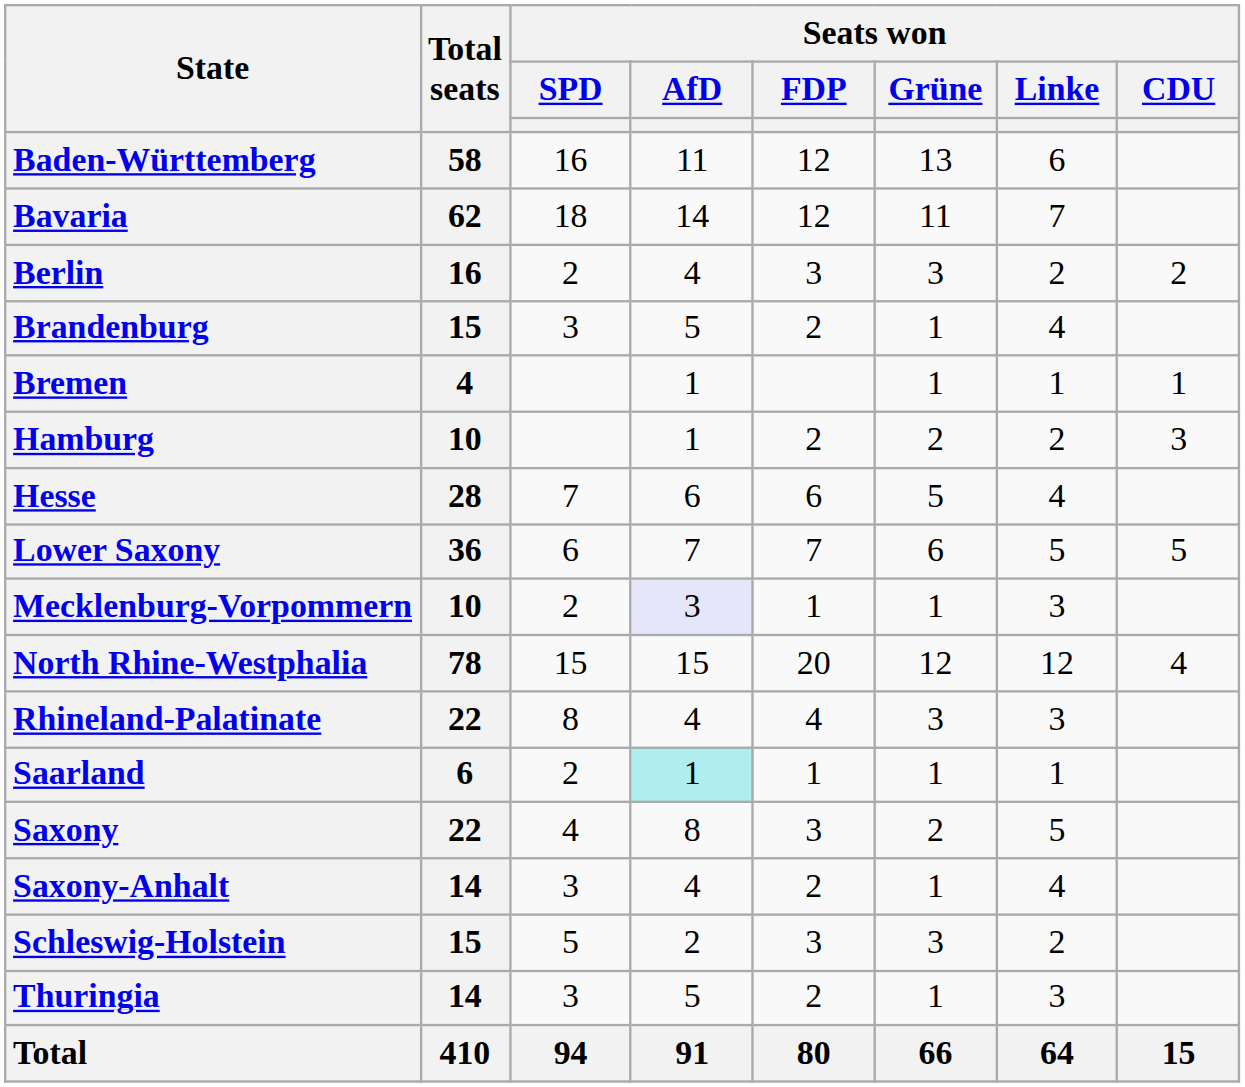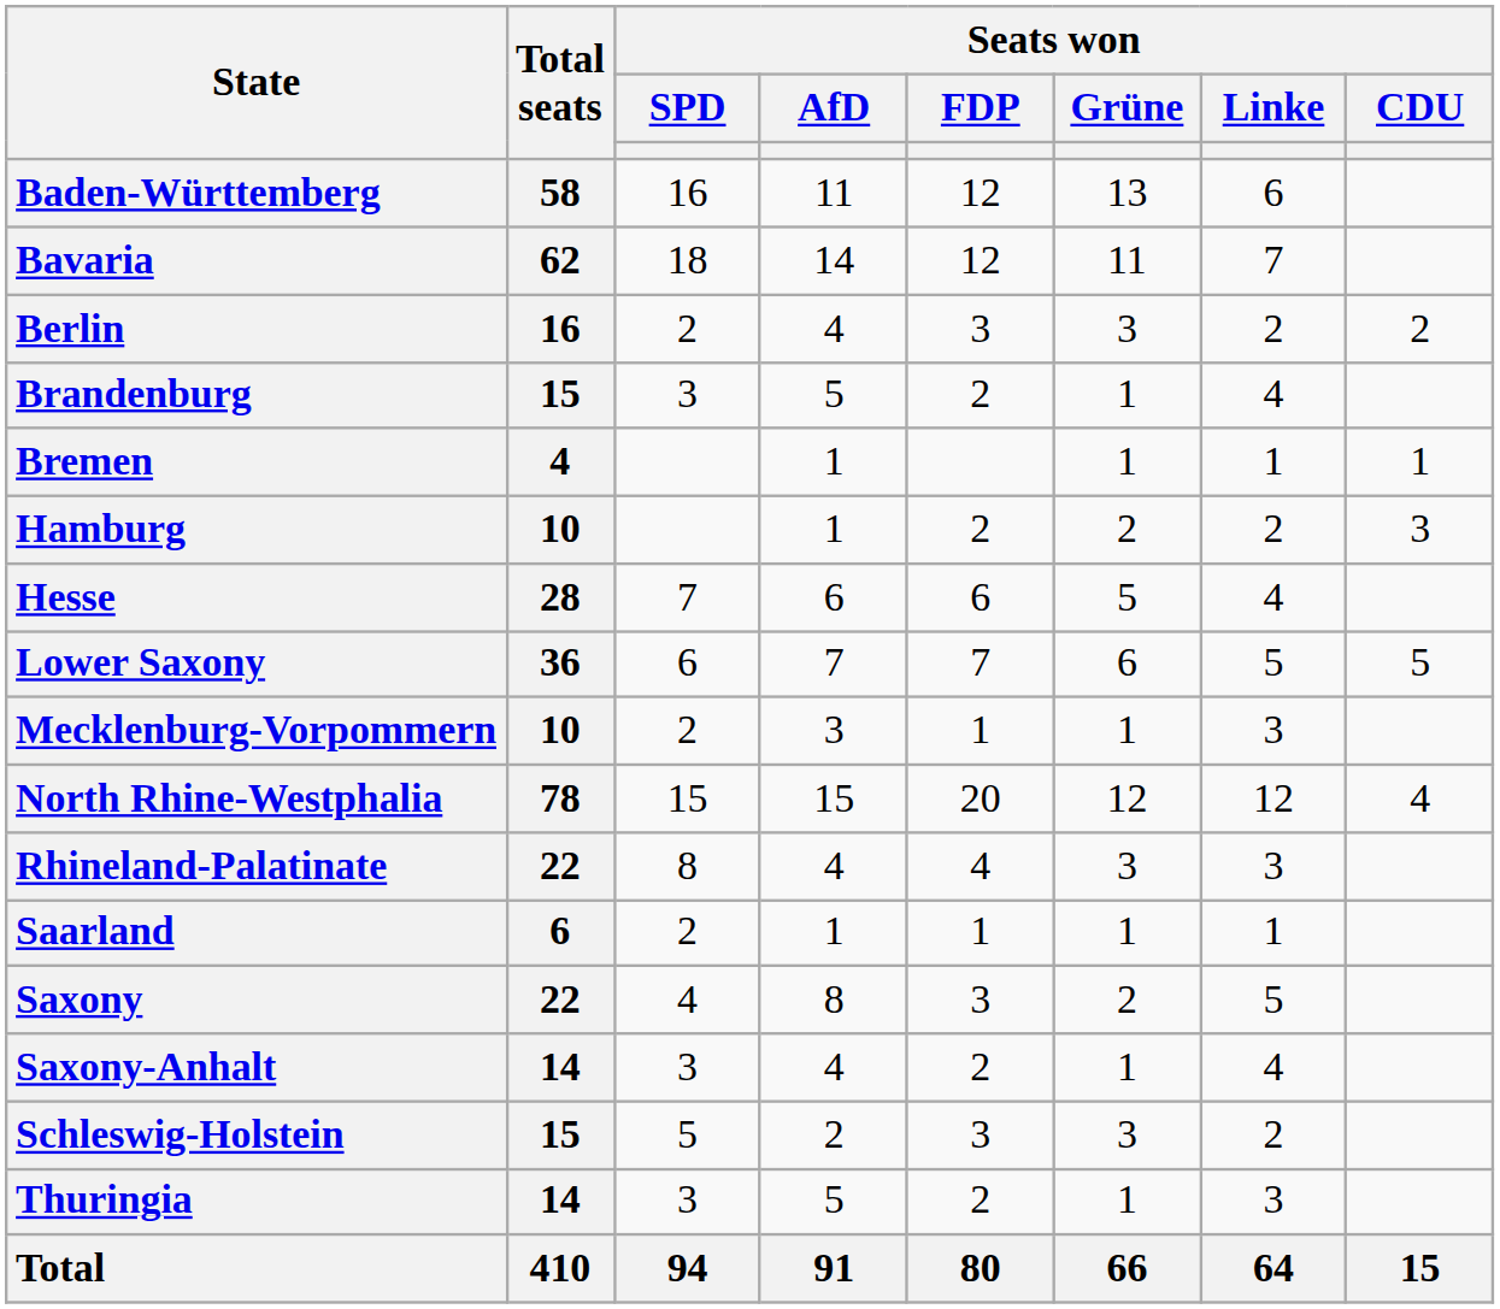 <table class="wikitable" style="text-align:center; font-size: 0.9em;">
 <tr>
 <th rowspan="3">State</th>
 <th rowspan="3">Total<br>seats</th>
 <th colspan="6">Seats won</th>
 </tr>
 <tr>
 <th class="unsortable" style="width:45px;"><a href='#'>SPD</a></th>
 <th class="unsortable" style="width:45px;"><a href='#'>AfD</a></th>
 <th class="unsortable" style="width:45px;"><a href='#'>FDP</a></th>
 <th class="unsortable" style="width:45px;"><a href='#'>Grüne</a></th>
 <th class="unsortable" style="width:45px;"><a href='#'>Linke</a></th>
 <th class="unsortable" style="width:45px;"><a href='#'>CDU</a></th>
 </tr>
 <tr>
 <th style="background:"></th>
 <th style="background:"></th>
 <th style="background:"></th>
 <th style="background:"></th>
 <th style="background:"></th>
 <th style="background:"></th>
 </tr>
 <tr>
 <th style="text-align: left;"><a href='#'>Baden-Württemberg</a></th>
 <th>58</th>
 <td>16</td>
 <td>11</td>
 <td>12</td>
 <td>13</td>
 <td>6</td>
 <td></td>
 </tr>
 <tr>
 <th style="text-align: left;"><a href='#'>Bavaria</a></th>
 <th>62</th>
 <td>18</td>
 <td>14</td>
 <td>12</td>
 <td>11</td>
 <td>7</td>
 <td></td>
 </tr>
 <tr>
 <th style="text-align: left;"><a href='#'>Berlin</a></th>
 <th>16</th>
 <td>2</td>
 <td>4</td>
 <td>3</td>
 <td>3</td>
 <td>2</td>
 <td>2</td>
 </tr>
 <tr>
 <th style="text-align: left;"><a href='#'>Brandenburg</a></th>
 <th>15</th>
 <td>3</td>
 <td>5</td>
 <td>2</td>
 <td>1</td>
 <td>4</td>
 <td></td>
 </tr>
 <tr>
 <th style="text-align: left;"><a href='#'>Bremen</a></th>
 <th>4</th>
 <td></td>
 <td>1</td>
 <td></td>
 <td>1</td>
 <td>1</td>
 <td>1</td>
 </tr>
 <tr>
 <th style="text-align: left;"><a href='#'>Hamburg</a></th>
 <th>10</th>
 <td></td>
 <td>1</td>
 <td>2</td>
 <td>2</td>
 <td>2</td>
 <td>3</td>
 </tr>
 <tr>
 <th style="text-align: left;"><a href='#'>Hesse</a></th>
 <th>28</th>
 <td>7</td>
 <td>6</td>
 <td>6</td>
 <td>5</td>
 <td>4</td>
 <td></td>
 </tr>
 <tr>
 <th style="text-align: left;"><a href='#'>Lower Saxony</a></th>
 <th>36</th>
 <td>6</td>
 <td>7</td>
 <td>7</td>
 <td>6</td>
 <td>5</td>
 <td>5</td>
 </tr>
 <tr>
 <th style="text-align: left;"><a href='#'>Mecklenburg-Vorpommern</a></th>
 <th>10</th>
 <td>2</td>
-<td style="background: lavender;">3</td>
+<td>3</td>
 <td>1</td>
 <td>1</td>
 <td>3</td>
 <td></td>
 </tr>
 <tr>
 <th style="text-align: left;"><a href='#'>North Rhine-Westphalia</a></th>
 <th>78</th>
 <td>15</td>
 <td>15</td>
 <td>20</td>
 <td>12</td>
 <td>12</td>
 <td>4</td>
 </tr>
 <tr class="sortbottom">
 <th style="text-align: left;"><a href='#'>Rhineland-Palatinate</a></th>
 <th>22</th>
 <td>8</td>
 <td>4</td>
 <td>4</td>
 <td>3</td>
 <td>3</td>
 <td></td>
 </tr>
 <tr>
 <th style="text-align: left;"><a href='#'>Saarland</a></th>
 <th>6</th>
 <td>2</td>
-<td style="background: paleturquoise;">1</td>
+<td>1</td>
 <td>1</td>
 <td>1</td>
 <td>1</td>
 <td></td>
 </tr>
 <tr>
 <th style="text-align: left;"><a href='#'>Saxony</a></th>
 <th>22</th>
 <td>4</td>
 <td>8</td>
 <td>3</td>
 <td>2</td>
 <td>5</td>
 <td></td>
 </tr>
 <tr>
 <th style="text-align: left;"><a href='#'>Saxony-Anhalt</a></th>
 <th>14</th>
 <td>3</td>
 <td>4</td>
 <td>2</td>
 <td>1</td>
 <td>4</td>
 <td></td>
 </tr>
 <tr>
 <th style="text-align: left;"><a href='#'>Schleswig-Holstein</a></th>
 <th>15</th>
 <td>5</td>
 <td>2</td>
 <td>3</td>
 <td>3</td>
 <td>2</td>
 <td></td>
 </tr>
 <tr>
 <th style="text-align: left;"><a href='#'>Thuringia</a></th>
 <th>14</th>
 <td>3</td>
 <td>5</td>
 <td>2</td>
 <td>1</td>
 <td>3</td>
 <td></td>
 </tr>
 <tr>
 <th style="text-align: left;">Total</th>
 <th>410</th>
 <th>94</th>
 <th>91</th>
 <th>80</th>
 <th>66</th>
 <th>64</th>
 <th>15</th>
 </tr>
 </table>
